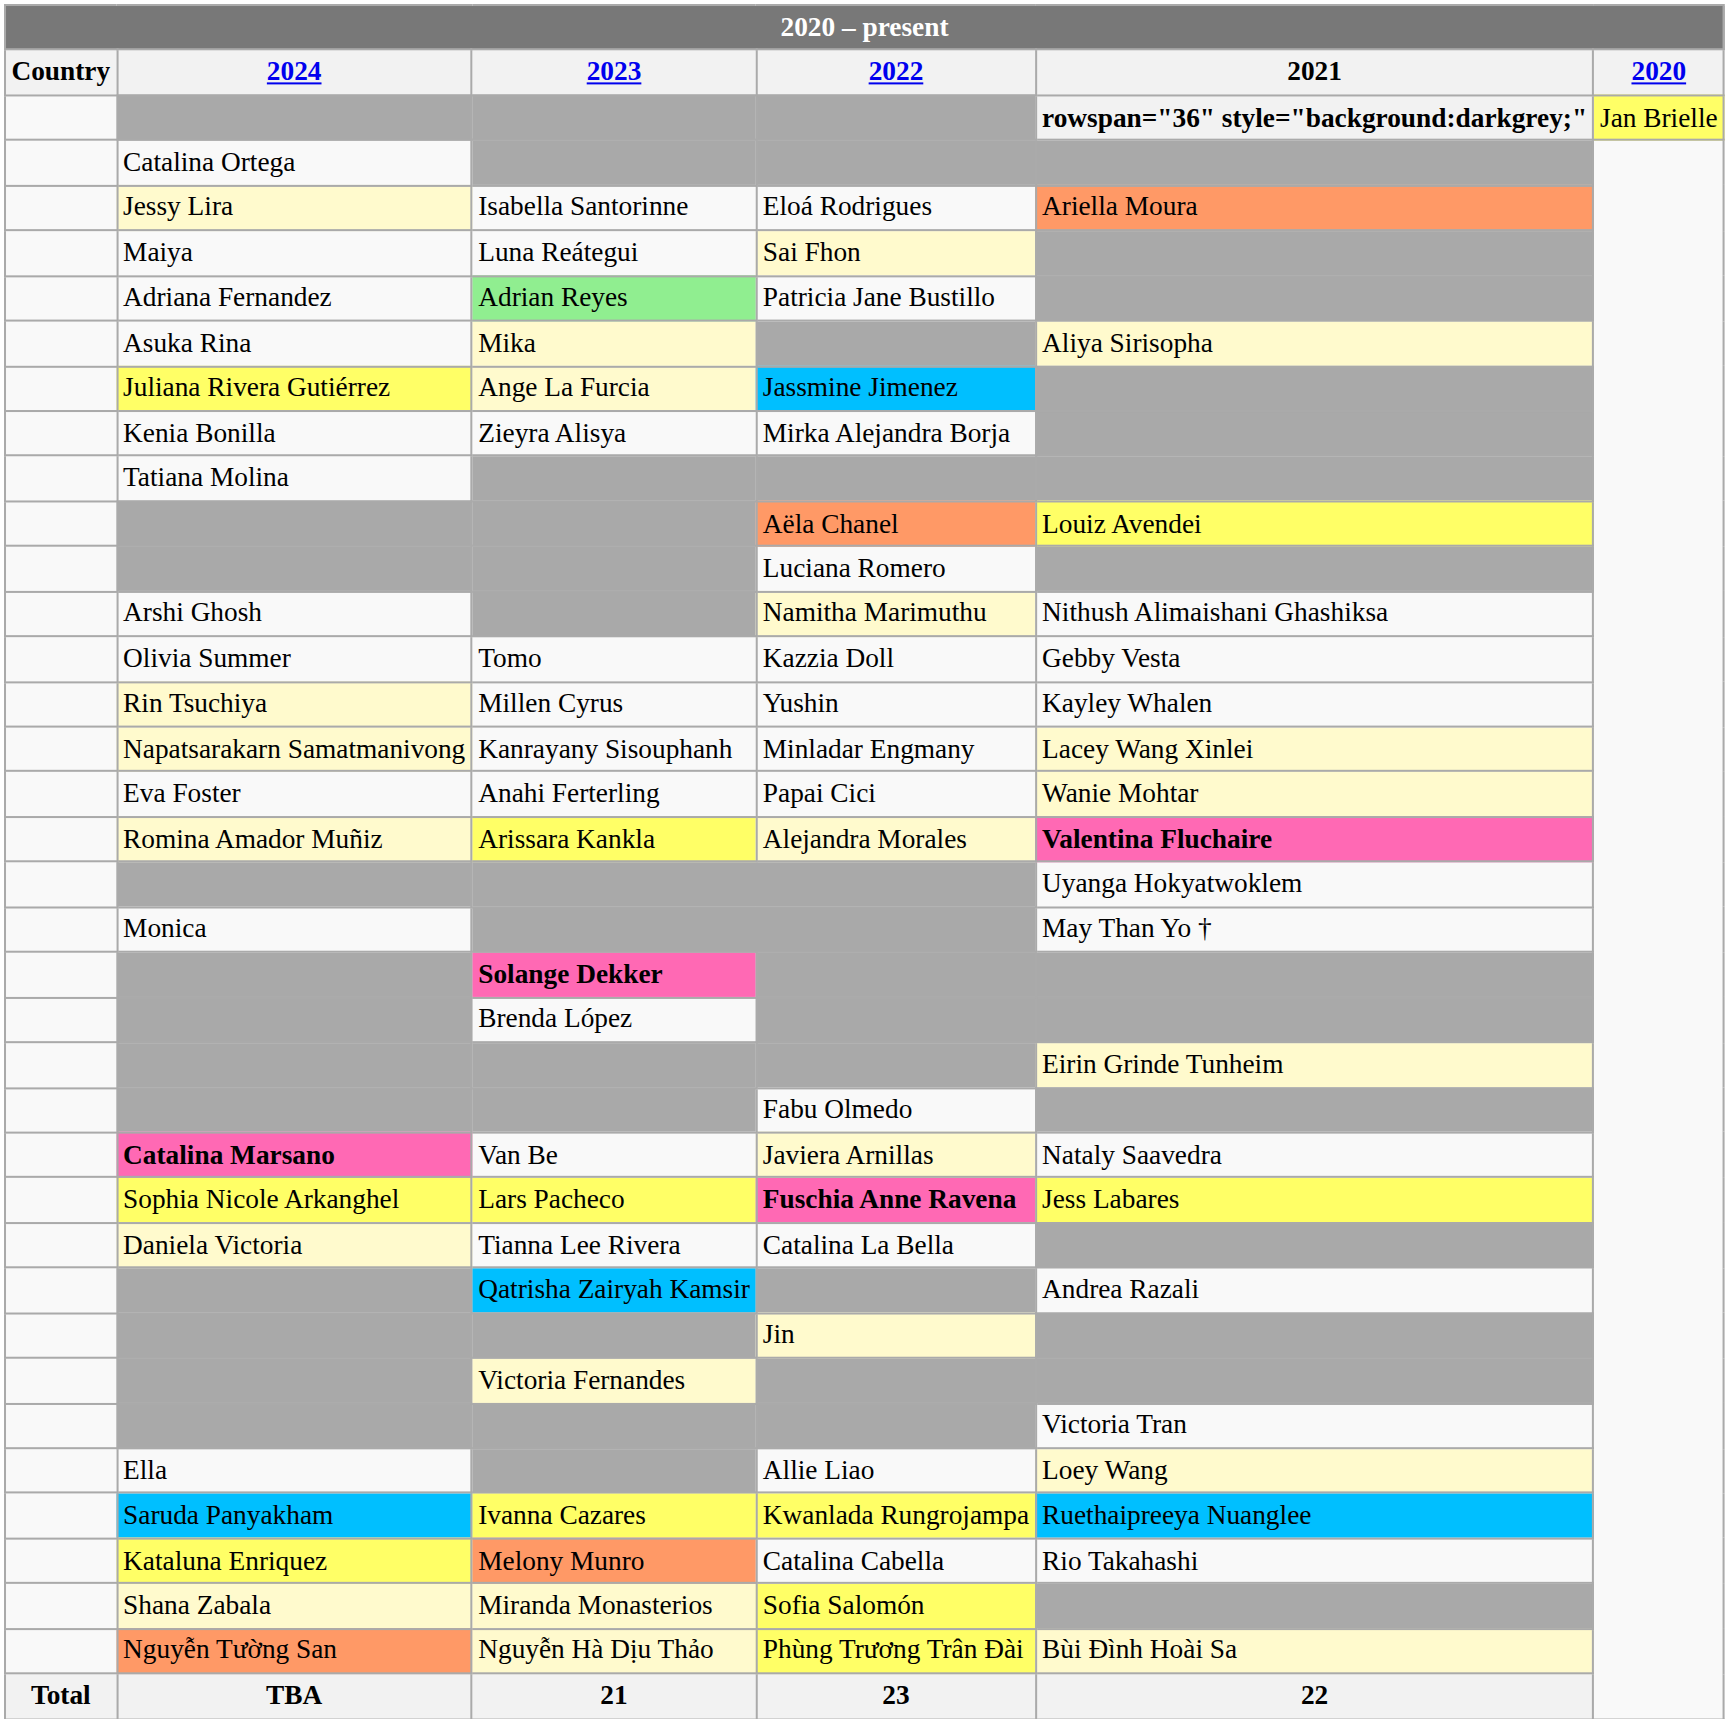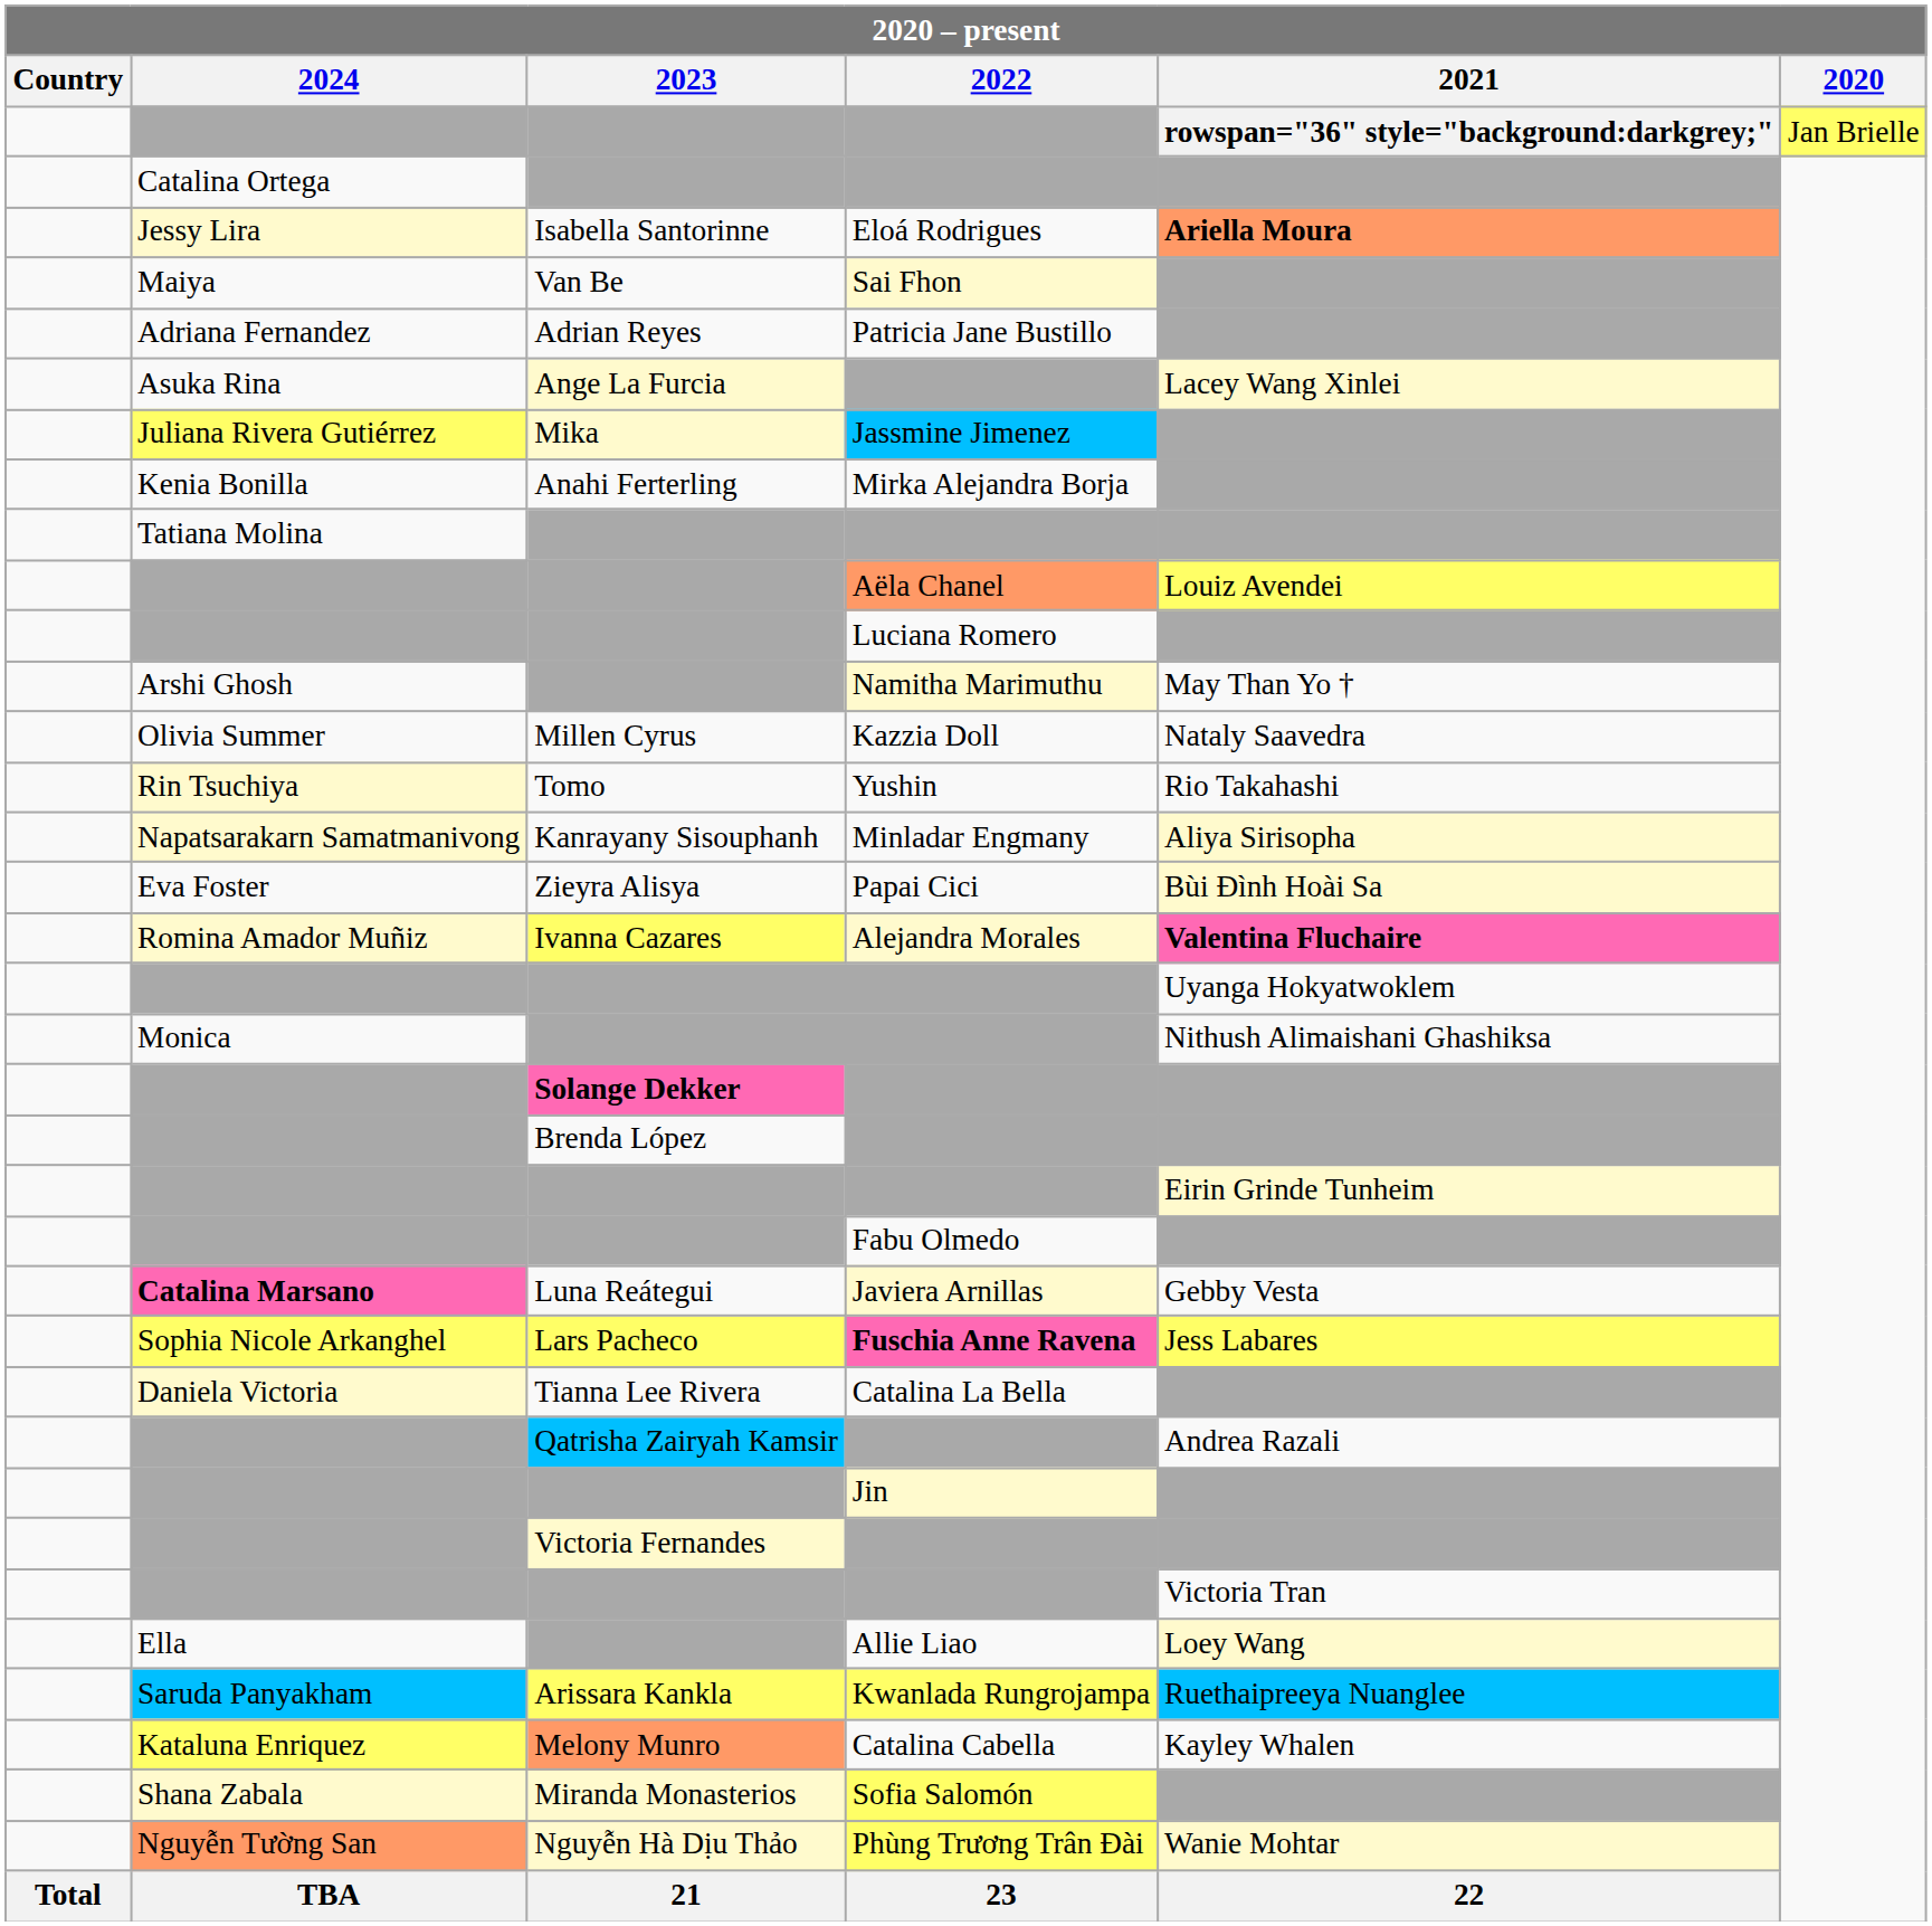 <table class="wikitable " style="font-size: 85%; text-align:left">
 <tr>
 <th colspan="6" style="background-color:#787878;color:#FFFFFF;">2020 – present</th>
 </tr>
 <tr>
 <th><strong>Country</strong></th>
 <th><strong><a href='#'>2024</a></strong></th>
 <th><strong><a href='#'>2023</a></strong></th>
 <th><strong><a href='#'>2022</a></strong></th>
 <th><strong>2021</strong></th>
 <th><a href='#'><strong>2020</strong></a></th>
 </tr>
 <tr>
 <td></td>
 <td style="background:darkgrey;"></td>
 <td rowspan="1" style="background:darkgrey;"></td>
 <td style="background:darkgrey;"></td>
 <th>rowspan="36" style="background:darkgrey;" </th>
 <td style="background:#FFFF66;">Jan Brielle</td>
 </tr>
 <tr>
 <td></td>
 <td>Catalina Ortega</td>
 <td rowspan="1" style="background:darkgrey;"></td>
 <td style="background:darkgrey;"></td>
 <td style="background:darkgrey;"></td>
 </tr>
 <tr>
 <td></td>
 <td style="background:#FFFACD;">Jessy Lira</td>
 <td>Isabella Santorinne</td>
 <td>Eloá Rodrigues</td>
-<td style="background:#FF9966;">Ariella Moura</td>
+<td style="background:#FF9966;"><strong>Ariella Moura</strong></td>
 </tr>
 <tr>
 <td></td>
 <td>Maiya</td>
-<td>Luna Reátegui</td>
+<td>Van Be</td>
 <td style="background:#FFFACD;">Sai Fhon</td>
 <td style="background:darkgrey;"></td>
 </tr>
 <tr>
 <td></td>
 <td>Adriana Fernandez</td>
-<td style="background: lightgreen;">Adrian Reyes</td>
+<td>Adrian Reyes</td>
 <td>Patricia Jane Bustillo</td>
 <td style="background:darkgrey;"></td>
 </tr>
 <tr>
 <td></td>
 <td>Asuka Rina</td>
-<td style="background:#FFFACD;">Mika</td>
+<td style="background:#FFFACD;">Ange La Furcia</td>
 <td style="background:darkgrey;"></td>
-<td style="background:#FFFACD;">Aliya Sirisopha</td>
+<td style="background:#FFFACD;">Lacey Wang Xinlei</td>
 </tr>
 <tr>
 <td></td>
 <td style="background:#FFFF66;">Juliana Rivera Gutiérrez</td>
-<td style="background:#FFFACD;">Ange La Furcia</td>
+<td style="background:#FFFACD;">Mika</td>
 <td style="background:#00BFFF;">Jassmine Jimenez</td>
 <td style="background:darkgrey;"></td>
 </tr>
 <tr>
 <td></td>
 <td>Kenia Bonilla</td>
-<td>Zieyra Alisya</td>
+<td>Anahi Ferterling</td>
 <td>Mirka Alejandra Borja</td>
 <td style="background:darkgrey;"></td>
 </tr>
 <tr>
 <td></td>
 <td>Tatiana Molina</td>
 <td rowspan="1" style="background:darkgrey;"></td>
 <td style="background:darkgrey;"></td>
 <td style="background:darkgrey;"></td>
 </tr>
 <tr>
 <td></td>
 <td style="background:darkgrey;"></td>
 <td style="background:darkgrey;"></td>
 <td style="background:#FF9966;">Aëla Chanel</td>
 <td style="background:#FFFF66;">Louiz Avendei</td>
 </tr>
 <tr>
 <td></td>
 <td style="background:darkgrey;"></td>
 <td style="background:darkgrey;"></td>
 <td>Luciana Romero</td>
 <td style="background:darkgrey;"></td>
 </tr>
 <tr>
 <td></td>
 <td>Arshi Ghosh</td>
 <td style="background:darkgrey;"></td>
 <td style="background:#FFFACD;">Namitha Marimuthu</td>
-<td>Nithush Alimaishani Ghashiksa</td>
+<td>May Than Yo †</td>
 </tr>
 <tr>
 <td></td>
 <td>Olivia Summer</td>
-<td>Tomo</td>
+<td>Millen Cyrus</td>
 <td>Kazzia Doll</td>
-<td>Gebby Vesta</td>
+<td>Nataly Saavedra</td>
 </tr>
 <tr>
 <td></td>
 <td style="background:#FFFACD;">Rin Tsuchiya</td>
-<td>Millen Cyrus</td>
+<td>Tomo</td>
 <td>Yushin</td>
-<td>Kayley Whalen</td>
+<td>Rio Takahashi</td>
 </tr>
 <tr>
 <td></td>
 <td style="background:#FFFACD;">Napatsarakarn Samatmanivong</td>
 <td>Kanrayany Sisouphanh</td>
 <td>Minladar Engmany</td>
-<td style="background:#FFFACD;">Lacey Wang Xinlei</td>
+<td style="background:#FFFACD;">Aliya Sirisopha</td>
 </tr>
 <tr>
 <td></td>
 <td>Eva Foster</td>
-<td>Anahi Ferterling</td>
+<td>Zieyra Alisya</td>
 <td>Papai Cici</td>
-<td style="background:#FFFACD;">Wanie Mohtar</td>
+<td style="background:#FFFACD;">Bùi Đình Hoài Sa</td>
 </tr>
 <tr>
 <td></td>
 <td style="background:#FFFACD;">Romina Amador Muñiz</td>
-<td style="background:#FFFF66;">Arissara Kankla</td>
+<td style="background:#FFFF66;">Ivanna Cazares</td>
 <td style="background:#FFFACD;">Alejandra Morales</td>
 <td style="background:hotpink;"><strong>Valentina Fluchaire</strong></td>
 </tr>
 <tr>
 <td></td>
 <td style="background:darkgrey;"></td>
 <td rowspan="1"colspan="2" style="background:darkgrey;"></td>
 <td>Uyanga Hokyatwoklem</td>
 </tr>
 <tr>
 <td></td>
 <td>Monica</td>
 <td rowspan="1"colspan="2" style="background:darkgrey;"></td>
-<td>May Than Yo †</td>
+<td>Nithush Alimaishani Ghashiksa</td>
 </tr>
 <tr>
 <td></td>
 <td style="background:darkgrey;"></td>
 <td style="background:hotpink;"><strong>Solange Dekker</strong></td>
 <td style="background:darkgrey;"></td>
 <td style="background:darkgrey;"></td>
 </tr>
 <tr>
 <td></td>
 <td style="background:darkgrey;"></td>
 <td>Brenda López</td>
 <td style="background:darkgrey;"></td>
 <td style="background:darkgrey;"></td>
 </tr>
 <tr>
 <td></td>
 <td style="background:darkgrey;"></td>
 <td rowspan="1" style="background:darkgrey;"></td>
 <td style="background:darkgrey;"></td>
 <td style="background:#FFFACD;">Eirin Grinde Tunheim</td>
 </tr>
 <tr>
 <td></td>
 <td style="background:darkgrey;"></td>
 <td style="background:darkgrey;"></td>
 <td>Fabu Olmedo</td>
 <td style="background:darkgrey;"></td>
 </tr>
 <tr>
 <td></td>
 <td style="background:hotpink;"><strong> Catalina Marsano</strong></td>
-<td>Van Be</td>
+<td>Luna Reátegui</td>
 <td style="background:#FFFACD;">Javiera Arnillas</td>
-<td>Nataly Saavedra</td>
+<td>Gebby Vesta</td>
 </tr>
 <tr>
 <td></td>
 <td style="background:#FFFF66;">Sophia Nicole Arkanghel</td>
 <td style="background:#FFFF66;">Lars Pacheco</td>
 <td style="background:hotpink;"><strong>Fuschia Anne Ravena</strong></td>
 <td style="background:#FFFF66;">Jess Labares</td>
 </tr>
 <tr>
 <td></td>
 <td style="background:#FFFACD;">Daniela Victoria</td>
 <td>Tianna Lee Rivera</td>
 <td>Catalina La Bella</td>
 <td style="background:darkgrey;"></td>
 </tr>
 <tr>
 <td></td>
 <td style="background:darkgrey;"></td>
 <td style="background:#00BFFF;">Qatrisha Zairyah Kamsir</td>
 <td style="background:darkgrey;"></td>
 <td>Andrea Razali</td>
 </tr>
 <tr>
 <td></td>
 <td style="background:darkgrey;"></td>
 <td style="background:darkgrey;"></td>
 <td style="background:#FFFACD;">Jin</td>
 <td style="background:darkgrey;"></td>
 </tr>
 <tr>
 <td></td>
 <td style="background:darkgrey;"></td>
 <td style="background:#FFFACD;">Victoria Fernandes</td>
 <td style="background:darkgrey;"></td>
 <td style="background:darkgrey;"></td>
 </tr>
 <tr>
 <td></td>
 <td style="background:darkgrey;"></td>
 <td rowspan="1" style="background:darkgrey;"></td>
 <td style="background:darkgrey;"></td>
 <td>Victoria Tran</td>
 </tr>
 <tr>
 <td></td>
 <td>Ella</td>
 <td style="background:darkgrey;"></td>
 <td>Allie Liao</td>
 <td style="background:#FFFACD;">Loey Wang</td>
 </tr>
 <tr>
 <td></td>
 <td style="background:#00BFFF;">Saruda Panyakham</td>
-<td style="background:#FFFF66;">Ivanna Cazares</td>
+<td style="background:#FFFF66;">Arissara Kankla</td>
 <td style="background:#FFFF66;">Kwanlada Rungrojampa</td>
 <td style="background:#00BFFF;">Ruethaipreeya Nuanglee</td>
 </tr>
 <tr>
 <td></td>
 <td style="background:#FFFF66;">Kataluna Enriquez</td>
 <td style="background:#FF9966;">Melony Munro</td>
 <td>Catalina Cabella</td>
-<td>Rio Takahashi</td>
+<td>Kayley Whalen</td>
 </tr>
 <tr>
 <td></td>
 <td style="background:#FFFACD;">Shana Zabala</td>
 <td style="background:#FFFACD;">Miranda Monasterios</td>
 <td style="background:#FFFF66;">Sofia Salomón</td>
 <td style="background:darkgrey;"></td>
 </tr>
 <tr>
 <td></td>
 <td style="background:#FF9966;">Nguyễn Tường San</td>
 <td style="background:#FFFACD;">Nguyễn Hà Dịu Thảo</td>
 <td style="background:#FFFF66;">Phùng Trương Trân Đài</td>
-<td style="background:#FFFACD;">Bùi Đình Hoài Sa</td>
+<td style="background:#FFFACD;">Wanie Mohtar</td>
 </tr>
 <tr>
 <th>Total</th>
 <th>TBA</th>
 <th>21</th>
 <th>23</th>
 <th>22</th>
 </tr>
 </table>
